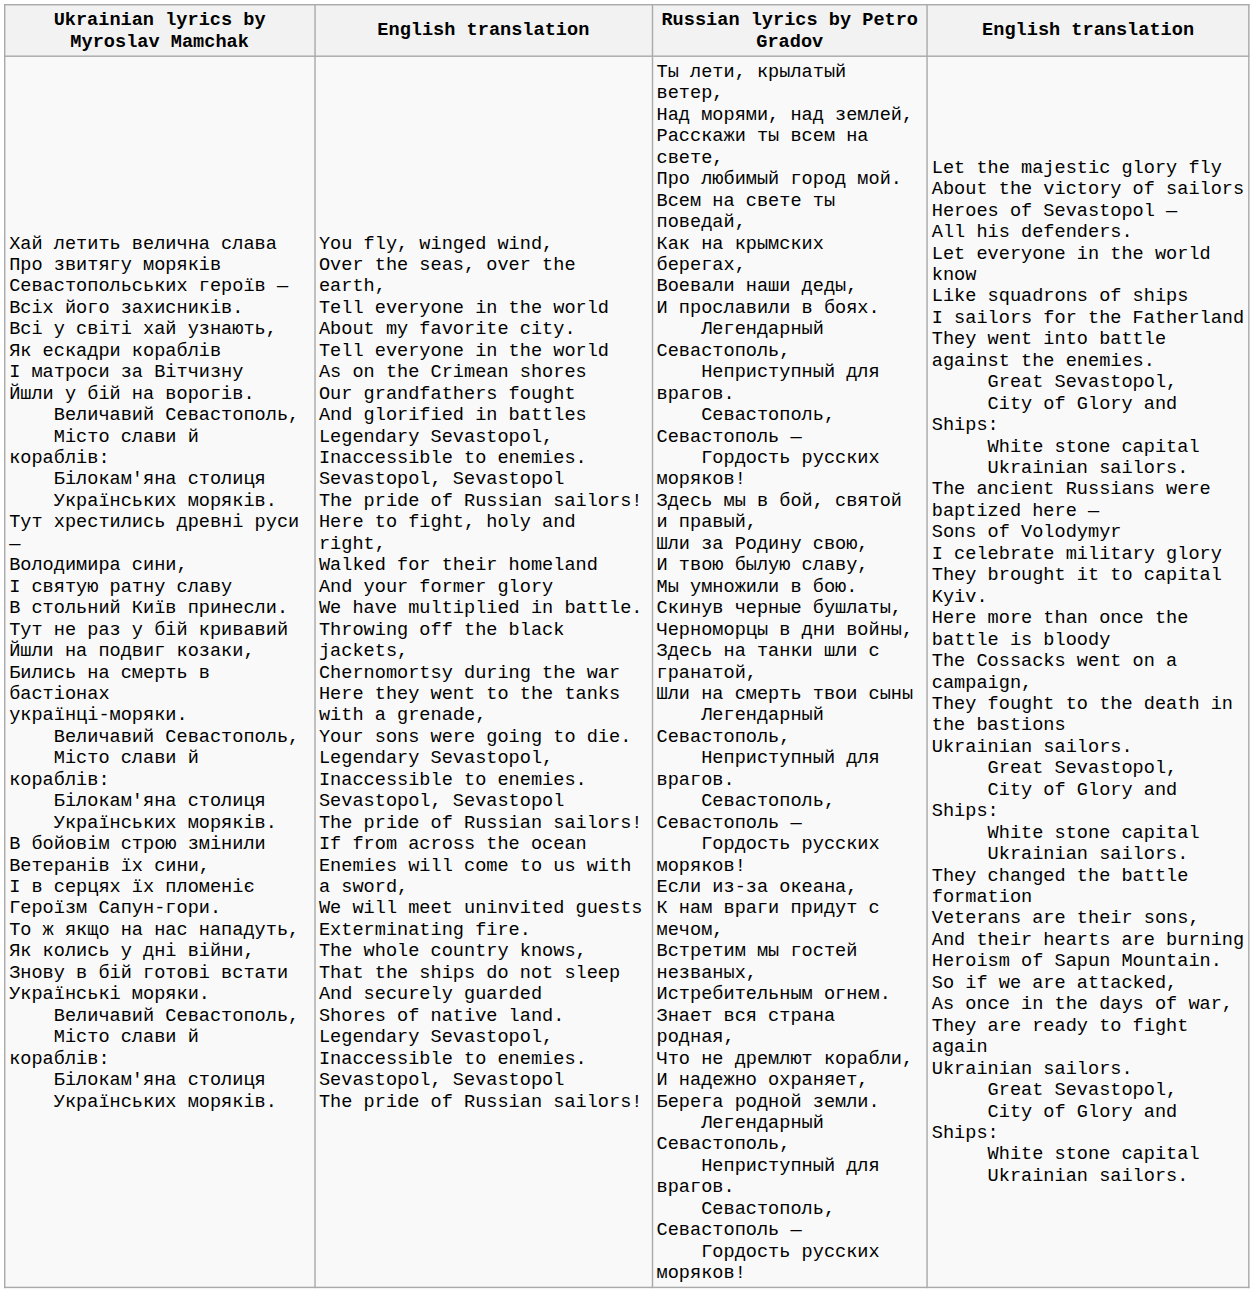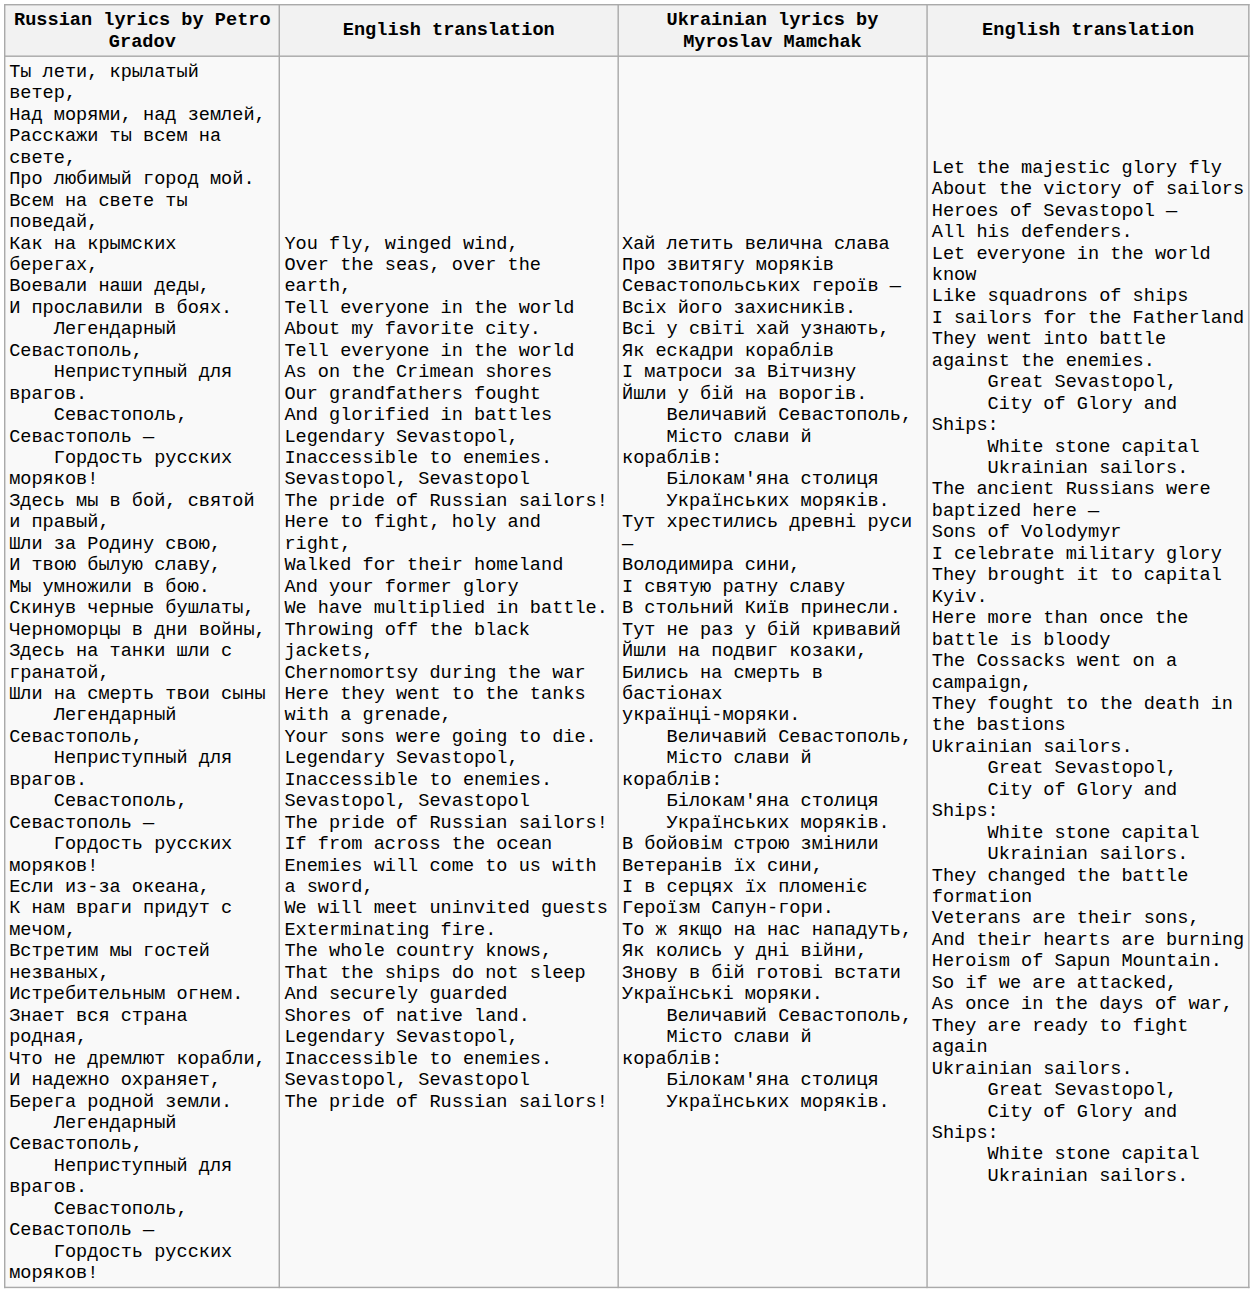 <table class="wikitable">
 <tr>
+<th>Russian lyrics by Petro Gradov</th>
+<th>English translation</th>
 <th>Ukrainian lyrics by Myroslav Mamchak</th>
-<th>English translation</th>
-<th>Russian lyrics by Petro Gradov</th>
 <th>English translation</th>
 </tr>
 <tr>
+<td>Ты лети, крылатый ветер,<br>Над морями, над землей,<br>Расскажи ты всем на свете,<br>Про любимый город мой.<br>Всем на свете ты поведай,<br>Как на крымских берегах,<br>Воевали наши деды,<br>И прославили в боях.<br>    Легендарный Севастополь,<br>    Неприступный для врагов.<br>    Севастополь, Севастополь —<br>    Гордость русских моряков!<br>Здесь мы в бой, святой и правый,<br>Шли за Родину свою,<br>И твою былую славу,<br>Мы умножили в бою.<br>Скинув черные бушлаты,<br>Черноморцы в дни войны,<br>Здесь на танки шли с гранатой,<br>Шли на смерть твои сыны<br>    Легендарный Севастополь,<br>    Неприступный для врагов.<br>    Севастополь, Севастополь —<br>    Гордость русских моряков!<br>Если из-за океана,<br>К нам враги придут с мечом,<br>Встретим мы гостей незваных,<br>Истребительным огнем.<br>Знает вся страна родная,<br>Что не дремлют корабли,<br>И надежно охраняет,<br>Берега родной земли.<br>    Легендарный Севастополь,<br>    Неприступный для врагов.<br>    Севастополь, Севастополь —<br>    Гордость русских моряков!</td>
+<td>You fly, winged wind,<br>Over the seas, over the earth,<br>Tell everyone in the world<br>About my favorite city.<br>Tell everyone in the world<br>As on the Crimean shores<br>Our grandfathers fought<br>And glorified in battles<br>Legendary Sevastopol,<br>Inaccessible to enemies.<br>Sevastopol, Sevastopol<br>The pride of Russian sailors!<br>Here to fight, holy and right,<br>Walked for their homeland<br>And your former glory<br>We have multiplied in battle.<br>Throwing off the black jackets,<br>Chernomortsy during the war<br>Here they went to the tanks with a grenade,<br>Your sons were going to die.<br>Legendary Sevastopol,<br>Inaccessible to enemies.<br>Sevastopol, Sevastopol<br>The pride of Russian sailors!<br>If from across the ocean<br>Enemies will come to us with a sword,<br>We will meet uninvited guests<br>Exterminating fire.<br>The whole country knows,<br>That the ships do not sleep<br>And securely guarded<br>Shores of native land.<br>Legendary Sevastopol,<br>Inaccessible to enemies.<br>Sevastopol, Sevastopol<br>The pride of Russian sailors!</td>
 <td>Хай летить велична слава<br>Про звитягу моряків<br>Севастопольських героїв —<br>Всіх його захисників.<br>Всі у світі хай узнають,<br>Як ескадри кораблів<br>I матроси за Вітчизну<br>Йшли у бій на ворогів.<br>    Величавий Севастополь,<br>    Місто слави й кораблів:<br>    Білокам'яна столиця<br>    Українських моряків.<br>Тут хрестились древні руси —<br>Володимира сини,<br>I святую ратну славу<br>В стольний Київ принесли.<br>Тут не раз у бій кривавий<br>Йшли на подвиг козаки,<br>Бились на смерть в бастіонах<br>українці-моряки.<br>    Величавий Севастополь,<br>    Місто слави й кораблів:<br>    Білокам'яна столиця<br>    Українських моряків.<br>В бойовім строю змінили<br>Ветеранів їх сини,<br>I в серцях їх пломеніє<br>Героїзм Сапун-гори.<br>То ж якщо на нас нападуть,<br>Як колись у дні війни,<br>Знову в бій готові встати<br>Українські моряки.<br>    Величавий Севастополь,<br>    Місто слави й кораблів:<br>    Білокам'яна столиця<br>    Українських моряків.</td>
-<td>You fly, winged wind,<br>Over the seas, over the earth,<br>Tell everyone in the world<br>About my favorite city.<br>Tell everyone in the world<br>As on the Crimean shores<br>Our grandfathers fought<br>And glorified in battles<br>Legendary Sevastopol,<br>Inaccessible to enemies.<br>Sevastopol, Sevastopol<br>The pride of Russian sailors!<br>Here to fight, holy and right,<br>Walked for their homeland<br>And your former glory<br>We have multiplied in battle.<br>Throwing off the black jackets,<br>Chernomortsy during the war<br>Here they went to the tanks with a grenade,<br>Your sons were going to die.<br>Legendary Sevastopol,<br>Inaccessible to enemies.<br>Sevastopol, Sevastopol<br>The pride of Russian sailors!<br>If from across the ocean<br>Enemies will come to us with a sword,<br>We will meet uninvited guests<br>Exterminating fire.<br>The whole country knows,<br>That the ships do not sleep<br>And securely guarded<br>Shores of native land.<br>Legendary Sevastopol,<br>Inaccessible to enemies.<br>Sevastopol, Sevastopol<br>The pride of Russian sailors!</td>
-<td>Ты лети, крылатый ветер,<br>Над морями, над землей,<br>Расскажи ты всем на свете,<br>Про любимый город мой.<br>Всем на свете ты поведай,<br>Как на крымских берегах,<br>Воевали наши деды,<br>И прославили в боях.<br>    Легендарный Севастополь,<br>    Неприступный для врагов.<br>    Севастополь, Севастополь —<br>    Гордость русских моряков!<br>Здесь мы в бой, святой и правый,<br>Шли за Родину свою,<br>И твою былую славу,<br>Мы умножили в бою.<br>Скинув черные бушлаты,<br>Черноморцы в дни войны,<br>Здесь на танки шли с гранатой,<br>Шли на смерть твои сыны<br>    Легендарный Севастополь,<br>    Неприступный для врагов.<br>    Севастополь, Севастополь —<br>    Гордость русских моряков!<br>Если из-за океана,<br>К нам враги придут с мечом,<br>Встретим мы гостей незваных,<br>Истребительным огнем.<br>Знает вся страна родная,<br>Что не дремлют корабли,<br>И надежно охраняет,<br>Берега родной земли.<br>    Легендарный Севастополь,<br>    Неприступный для врагов.<br>    Севастополь, Севастополь —<br>    Гордость русских моряков!</td>
 <td>Let the majestic glory fly<br>About the victory of sailors<br>Heroes of Sevastopol —<br>All his defenders.<br>Let everyone in the world know<br>Like squadrons of ships<br>I sailors for the Fatherland<br>They went into battle against the enemies.<br>     Great Sevastopol,<br>     City of Glory and Ships:<br>     White stone capital<br>     Ukrainian sailors.<br>The ancient Russians were baptized here —<br>Sons of Volodymyr<br>I celebrate military glory<br>They brought it to capital Kyiv.<br>Here more than once the battle is bloody<br>The Cossacks went on a campaign,<br>They fought to the death in the bastions<br>Ukrainian sailors.<br>     Great Sevastopol,<br>     City of Glory and Ships:<br>     White stone capital<br>     Ukrainian sailors.<br>They changed the battle formation<br>Veterans are their sons,<br>And their hearts are burning<br>Heroism of Sapun Mountain.<br>So if we are attacked,<br>As once in the days of war,<br>They are ready to fight again<br>Ukrainian sailors.<br>     Great Sevastopol,<br>     City of Glory and Ships:<br>     White stone capital<br>     Ukrainian sailors.</td>
 </tr>
 </table>
